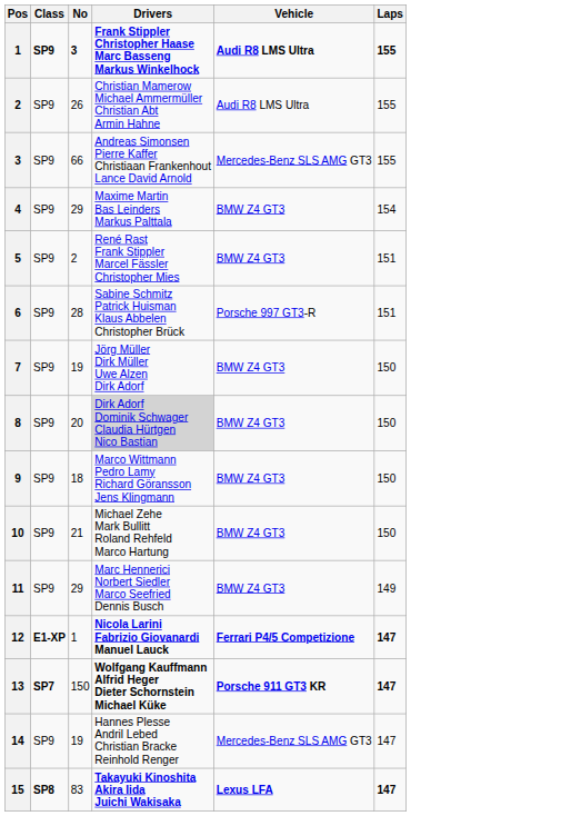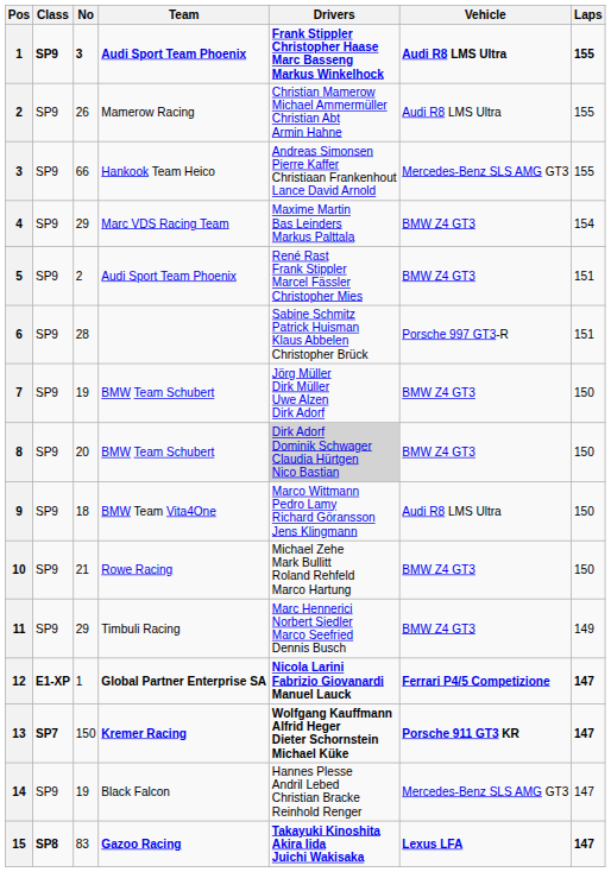 <table class="wikitable sortable" style="font-size: 90%">
 <tr>
 <th scope="col">Pos</th>
 <th scope="col">Class</th>
 <th scope="col">No</th>
+<th scope="col">Team</th>
 <th scope="col" class="unsortable">Drivers</th>
 <th scope="col">Vehicle<br> </th>
 <th scope="col">Laps<br></th>
 </tr>
 <tr style="font-weight:bold">
 <th>1</th>
 <td>SP9</td>
 <td>3</td>
+<td>  <a href='#'>Audi Sport Team Phoenix</a></td>
 <td> <a href='#'>Frank Stippler</a><br>  <a href='#'>Christopher Haase</a> <br> <a href='#'>Marc Basseng</a><br>  <a href='#'>Markus Winkelhock</a></td>
 <td><a href='#'>Audi R8</a> LMS Ultra</td>
 <td>155</td>
 </tr>
 <tr>
 <th>2</th>
 <td>SP9</td>
 <td>26</td>
+<td> Mamerow Racing</td>
 <td> <a href='#'>Christian Mamerow</a><br>  <a href='#'>Michael Ammermüller</a> <br> <a href='#'>Christian Abt</a><br>  <a href='#'>Armin Hahne</a></td>
 <td><a href='#'>Audi R8</a> LMS Ultra</td>
 <td>155</td>
 </tr>
 <tr>
 <th>3</th>
 <td>SP9</td>
 <td>66</td>
+<td> <a href='#'>Hankook</a> Team Heico</td>
 <td> <a href='#'>Andreas Simonsen</a><br>  <a href='#'>Pierre Kaffer</a> <br> Christiaan Frankenhout <br>  <a href='#'>Lance David Arnold</a></td>
 <td><a href='#'>Mercedes-Benz SLS AMG</a> GT3</td>
 <td>155</td>
 </tr>
 <tr>
 <th>4</th>
 <td>SP9</td>
 <td>29</td>
+<td> <a href='#'>Marc VDS Racing Team</a></td>
 <td> <a href='#'>Maxime Martin</a><br>  <a href='#'>Bas Leinders</a> <br> <a href='#'>Markus Palttala</a></td>
 <td><a href='#'>BMW Z4 GT3</a></td>
 <td>154</td>
 </tr>
 <tr>
 <th>5</th>
 <td>SP9</td>
 <td>2</td>
+<td>  <a href='#'>Audi Sport Team Phoenix</a></td>
 <td> <a href='#'>René Rast</a><br>  <a href='#'>Frank Stippler</a> <br> <a href='#'>Marcel Fässler</a><br>  <a href='#'>Christopher Mies</a></td>
 <td><a href='#'>BMW Z4 GT3</a></td>
 <td>151</td>
 </tr>
 <tr>
 <th>6</th>
 <td>SP9</td>
 <td>28</td>
+<td></td>
 <td> <a href='#'>Sabine Schmitz</a> <br>  <a href='#'>Patrick Huisman</a><br>  <a href='#'>Klaus Abbelen</a><br>  Christopher Brück</td>
 <td><a href='#'>Porsche 997 GT3</a>-R</td>
 <td>151</td>
 </tr>
 <tr>
 <th>7</th>
 <td>SP9</td>
 <td>19</td>
+<td> <a href='#'>BMW</a> <a href='#'>Team Schubert</a></td>
 <td> <a href='#'>Jörg Müller</a><br>  <a href='#'>Dirk Müller</a> <br> <a href='#'>Uwe Alzen</a><br> <a href='#'>Dirk Adorf</a></td>
 <td><a href='#'>BMW Z4 GT3</a></td>
 <td>150</td>
 </tr>
 <tr>
 <th>8</th>
 <td>SP9</td>
 <td>20</td>
+<td> <a href='#'>BMW</a> <a href='#'>Team Schubert</a></td>
 <td style="background: lightgrey;"> <a href='#'>Dirk Adorf</a><br>  <a href='#'>Dominik Schwager</a> <br> <a href='#'>Claudia Hürtgen</a><br> <a href='#'>Nico Bastian</a></td>
 <td><a href='#'>BMW Z4 GT3</a></td>
 <td>150</td>
 </tr>
 <tr>
 <th>9</th>
 <td>SP9</td>
 <td>18</td>
+<td> <a href='#'>BMW</a> Team <a href='#'>Vita4One</a></td>
 <td> <a href='#'>Marco Wittmann</a><br>  <a href='#'>Pedro Lamy</a> <br> <a href='#'>Richard Göransson</a> <br> <a href='#'>Jens Klingmann</a></td>
-<td><a href='#'>BMW Z4 GT3</a></td>
+<td><a href='#'>Audi R8</a> LMS Ultra</td>
 <td>150</td>
 </tr>
 <tr>
 <th>10</th>
 <td>SP9</td>
 <td>21</td>
+<td> <a href='#'>Rowe Racing</a></td>
 <td> Michael Zehe<br>  Mark Bullitt <br> Roland Rehfeld <br>  Marco Hartung</td>
 <td><a href='#'>BMW Z4 GT3</a></td>
 <td>150</td>
 </tr>
 <tr>
 <th>11</th>
 <td>SP9</td>
 <td>29</td>
+<td> Timbuli Racing</td>
 <td> <a href='#'>Marc Hennerici</a> <br>  <a href='#'>Norbert Siedler</a><br>  <a href='#'>Marco Seefried</a><br>  Dennis Busch</td>
 <td><a href='#'>BMW Z4 GT3</a></td>
 <td>149</td>
 </tr>
 <tr>
 <th>12</th>
 <td><strong>E1-XP</strong></td>
 <td>1</td>
+<td><strong> Global Partner Enterprise SA</strong></td>
 <td><strong> <a href='#'>Nicola Larini</a> <br>  <a href='#'>Fabrizio Giovanardi</a><br>  Manuel Lauck</strong></td>
 <td><strong><a href='#'>Ferrari P4/5 Competizione</a></strong></td>
 <td><strong>147</strong></td>
 </tr>
 <tr>
 <th>13</th>
 <td><strong>SP7</strong></td>
 <td>150</td>
+<td><strong> <a href='#'>Kremer Racing</a></strong></td>
 <td><strong> Wolfgang Kauffmann <br>  Alfrid Heger<br>  Dieter Schornstein<br>  Michael Küke</strong></td>
 <td><strong><a href='#'>Porsche 911 GT3</a> KR</strong></td>
 <td><strong>147</strong></td>
 </tr>
 <tr>
 <th>14</th>
 <td>SP9</td>
 <td>19</td>
+<td> Black Falcon</td>
 <td> Hannes Plesse<br>  Andril Lebed  <br> Christian Bracke <br>  Reinhold Renger</td>
 <td><a href='#'>Mercedes-Benz SLS AMG</a> GT3</td>
 <td>147</td>
 </tr>
 <tr>
 <th>15</th>
 <td><strong>SP8</strong></td>
 <td>83</td>
+<td><strong> <a href='#'>Gazoo Racing</a></strong></td>
 <td><strong> <a href='#'>Takayuki Kinoshita</a> <br>  <a href='#'>Akira Iida</a> <br> <a href='#'>Juichi Wakisaka</a></strong></td>
 <td><strong><a href='#'>Lexus LFA</a></strong></td>
 <td><strong>147</strong></td>
 </tr>
 </table>
